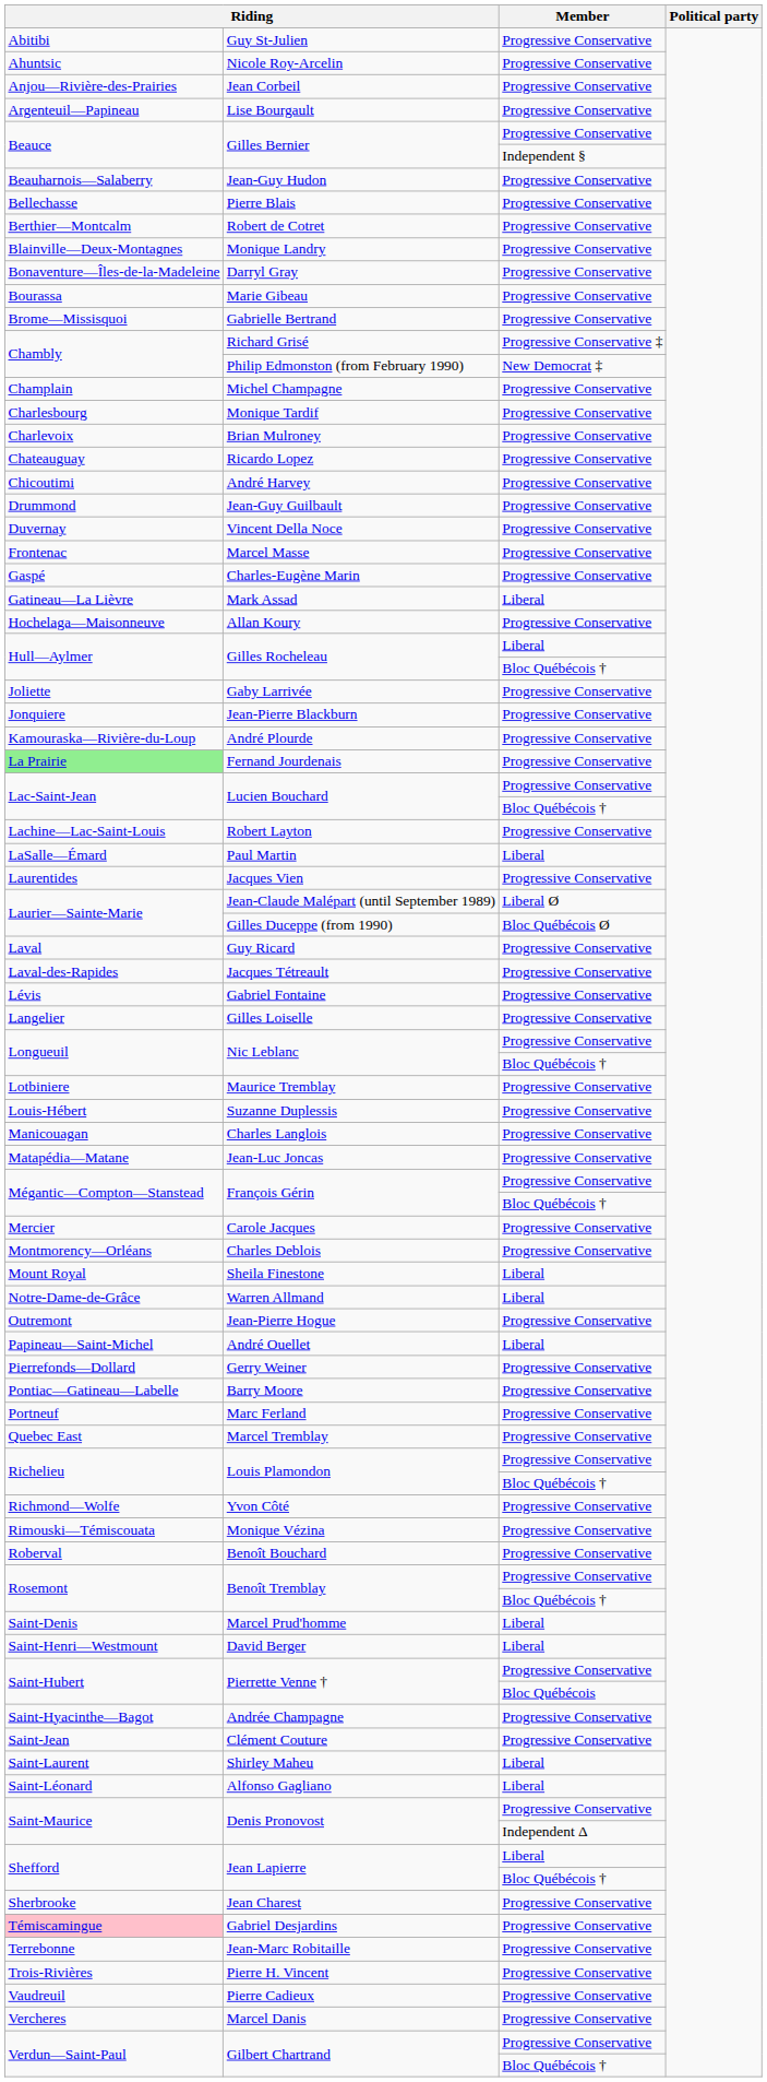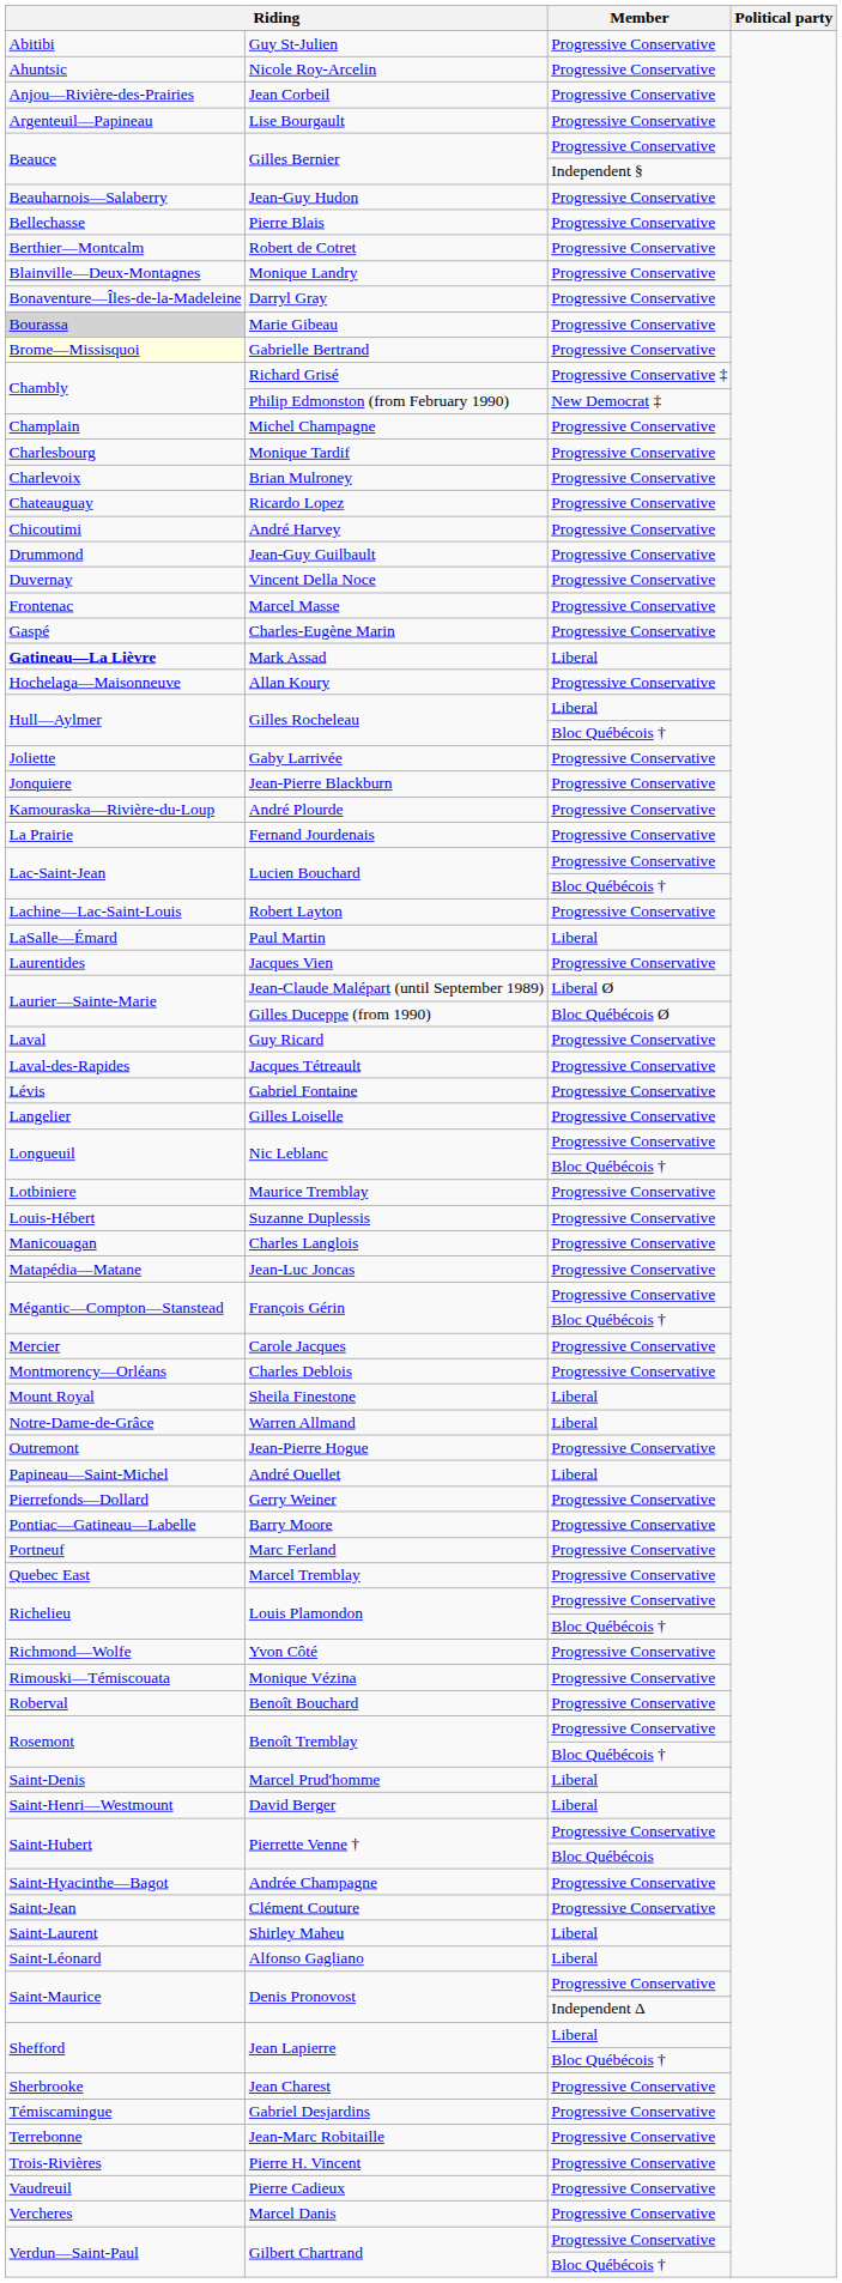 <table class=wikitable>
 <tr>
 <th colspan="2">Riding</th>
 <th>Member</th>
 <th>Political party</th>
 </tr>
 <tr>
 <td><a href='#'>Abitibi</a></td>
 <td><a href='#'>Guy St-Julien</a></td>
 <td><a href='#'>Progressive Conservative</a></td>
 </tr>
 <tr>
 <td><a href='#'>Ahuntsic</a></td>
 <td><a href='#'>Nicole Roy-Arcelin</a></td>
 <td><a href='#'>Progressive Conservative</a></td>
 </tr>
 <tr>
 <td><a href='#'>Anjou—Rivière-des-Prairies</a></td>
 <td><a href='#'>Jean Corbeil</a></td>
 <td><a href='#'>Progressive Conservative</a></td>
 </tr>
 <tr>
 <td><a href='#'>Argenteuil—Papineau</a></td>
 <td><a href='#'>Lise Bourgault</a></td>
 <td><a href='#'>Progressive Conservative</a></td>
 </tr>
 <tr>
 <td rowspan="2"><a href='#'>Beauce</a></td>
 <td rowspan="2"><a href='#'>Gilles Bernier</a></td>
 <td><a href='#'>Progressive Conservative</a></td>
 </tr>
 <tr>
 <td>Independent §</td>
 </tr>
 <tr>
 <td><a href='#'>Beauharnois—Salaberry</a></td>
 <td><a href='#'>Jean-Guy Hudon</a></td>
 <td><a href='#'>Progressive Conservative</a></td>
 </tr>
 <tr>
 <td><a href='#'>Bellechasse</a></td>
 <td><a href='#'>Pierre Blais</a></td>
 <td><a href='#'>Progressive Conservative</a></td>
 </tr>
 <tr>
 <td><a href='#'>Berthier—Montcalm</a></td>
 <td><a href='#'>Robert de Cotret</a></td>
 <td><a href='#'>Progressive Conservative</a></td>
 </tr>
 <tr>
 <td><a href='#'>Blainville—Deux-Montagnes</a></td>
 <td><a href='#'>Monique Landry</a></td>
 <td><a href='#'>Progressive Conservative</a></td>
 </tr>
 <tr>
 <td><a href='#'>Bonaventure—Îles-de-la-Madeleine</a></td>
 <td><a href='#'>Darryl Gray</a></td>
 <td><a href='#'>Progressive Conservative</a></td>
 </tr>
 <tr>
-<td><a href='#'>Bourassa</a></td>
+<td style="background: lightgrey;"><a href='#'>Bourassa</a></td>
 <td><a href='#'>Marie Gibeau</a></td>
 <td><a href='#'>Progressive Conservative</a></td>
 </tr>
 <tr>
-<td><a href='#'>Brome—Missisquoi</a></td>
+<td style="background: lightyellow;"><a href='#'>Brome—Missisquoi</a></td>
 <td><a href='#'>Gabrielle Bertrand</a></td>
 <td><a href='#'>Progressive Conservative</a></td>
 </tr>
 <tr>
 <td rowspan="2"><a href='#'>Chambly</a></td>
 <td><a href='#'>Richard Grisé</a></td>
 <td><a href='#'>Progressive Conservative</a> ‡</td>
 </tr>
 <tr>
 <td><a href='#'>Philip Edmonston</a> (from February 1990)</td>
 <td><a href='#'>New Democrat</a> ‡</td>
 </tr>
 <tr>
 <td><a href='#'>Champlain</a></td>
 <td><a href='#'>Michel Champagne</a></td>
 <td><a href='#'>Progressive Conservative</a></td>
 </tr>
 <tr>
 <td><a href='#'>Charlesbourg</a></td>
 <td><a href='#'>Monique Tardif</a></td>
 <td><a href='#'>Progressive Conservative</a></td>
 </tr>
 <tr>
 <td><a href='#'>Charlevoix</a></td>
 <td><a href='#'>Brian Mulroney</a></td>
 <td><a href='#'>Progressive Conservative</a></td>
 </tr>
 <tr>
 <td><a href='#'>Chateauguay</a></td>
 <td><a href='#'>Ricardo Lopez</a></td>
 <td><a href='#'>Progressive Conservative</a></td>
 </tr>
 <tr>
 <td><a href='#'>Chicoutimi</a></td>
 <td><a href='#'>André Harvey</a></td>
 <td><a href='#'>Progressive Conservative</a></td>
 </tr>
 <tr>
 <td><a href='#'>Drummond</a></td>
 <td><a href='#'>Jean-Guy Guilbault</a></td>
 <td><a href='#'>Progressive Conservative</a></td>
 </tr>
 <tr>
 <td><a href='#'>Duvernay</a></td>
 <td><a href='#'>Vincent Della Noce</a></td>
 <td><a href='#'>Progressive Conservative</a></td>
 </tr>
 <tr>
 <td><a href='#'>Frontenac</a></td>
 <td><a href='#'>Marcel Masse</a></td>
 <td><a href='#'>Progressive Conservative</a></td>
 </tr>
 <tr>
 <td><a href='#'>Gaspé</a></td>
 <td><a href='#'>Charles-Eugène Marin</a></td>
 <td><a href='#'>Progressive Conservative</a></td>
 </tr>
 <tr>
-<td><a href='#'>Gatineau—La Lièvre</a></td>
+<td><strong><a href='#'>Gatineau—La Lièvre</a></strong></td>
 <td><a href='#'>Mark Assad</a></td>
 <td><a href='#'>Liberal</a></td>
 </tr>
 <tr>
 <td><a href='#'>Hochelaga—Maisonneuve</a></td>
 <td><a href='#'>Allan Koury</a></td>
 <td><a href='#'>Progressive Conservative</a></td>
 </tr>
 <tr>
 <td rowspan="2"><a href='#'>Hull—Aylmer</a></td>
 <td rowspan="2"><a href='#'>Gilles Rocheleau</a></td>
 <td><a href='#'>Liberal</a></td>
 </tr>
 <tr>
 <td><a href='#'>Bloc Québécois</a> †</td>
 </tr>
 <tr>
 <td><a href='#'>Joliette</a></td>
 <td><a href='#'>Gaby Larrivée</a></td>
 <td><a href='#'>Progressive Conservative</a></td>
 </tr>
 <tr>
 <td><a href='#'>Jonquiere</a></td>
 <td><a href='#'>Jean-Pierre Blackburn</a></td>
 <td><a href='#'>Progressive Conservative</a></td>
 </tr>
 <tr>
 <td><a href='#'>Kamouraska—Rivière-du-Loup</a></td>
 <td><a href='#'>André Plourde</a></td>
 <td><a href='#'>Progressive Conservative</a></td>
 </tr>
 <tr>
-<td style="background: lightgreen;"><a href='#'>La Prairie</a></td>
+<td><a href='#'>La Prairie</a></td>
 <td><a href='#'>Fernand Jourdenais</a></td>
 <td><a href='#'>Progressive Conservative</a></td>
 </tr>
 <tr>
 <td rowspan="2"><a href='#'>Lac-Saint-Jean</a></td>
 <td rowspan="2"><a href='#'>Lucien Bouchard</a></td>
 <td><a href='#'>Progressive Conservative</a></td>
 </tr>
 <tr>
 <td><a href='#'>Bloc Québécois</a> †</td>
 </tr>
 <tr>
 <td><a href='#'>Lachine—Lac-Saint-Louis</a></td>
 <td><a href='#'>Robert Layton</a></td>
 <td><a href='#'>Progressive Conservative</a></td>
 </tr>
 <tr>
 <td><a href='#'>LaSalle—Émard</a></td>
 <td><a href='#'>Paul Martin</a></td>
 <td><a href='#'>Liberal</a></td>
 </tr>
 <tr>
 <td><a href='#'>Laurentides</a></td>
 <td><a href='#'>Jacques Vien</a></td>
 <td><a href='#'>Progressive Conservative</a></td>
 </tr>
 <tr>
 <td rowspan=2><a href='#'>Laurier—Sainte-Marie</a></td>
 <td><a href='#'>Jean-Claude Malépart</a> (until September 1989)</td>
 <td><a href='#'>Liberal</a> Ø</td>
 </tr>
 <tr>
 <td><a href='#'>Gilles Duceppe</a> (from 1990)</td>
 <td><a href='#'>Bloc Québécois</a> Ø</td>
 </tr>
 <tr>
 <td><a href='#'>Laval</a></td>
 <td><a href='#'>Guy Ricard</a></td>
 <td><a href='#'>Progressive Conservative</a></td>
 </tr>
 <tr>
 <td><a href='#'>Laval-des-Rapides</a></td>
 <td><a href='#'>Jacques Tétreault</a></td>
 <td><a href='#'>Progressive Conservative</a></td>
 </tr>
 <tr>
 <td><a href='#'>Lévis</a></td>
 <td><a href='#'>Gabriel Fontaine</a></td>
 <td><a href='#'>Progressive Conservative</a></td>
 </tr>
 <tr>
 <td><a href='#'>Langelier</a></td>
 <td><a href='#'>Gilles Loiselle</a></td>
 <td><a href='#'>Progressive Conservative</a></td>
 </tr>
 <tr>
 <td rowspan="2"><a href='#'>Longueuil</a></td>
 <td rowspan="2"><a href='#'>Nic Leblanc</a></td>
 <td><a href='#'>Progressive Conservative</a></td>
 </tr>
 <tr>
 <td><a href='#'>Bloc Québécois</a> †</td>
 </tr>
 <tr>
 <td><a href='#'>Lotbiniere</a></td>
 <td><a href='#'>Maurice Tremblay</a></td>
 <td><a href='#'>Progressive Conservative</a></td>
 </tr>
 <tr>
 <td><a href='#'>Louis-Hébert</a></td>
 <td><a href='#'>Suzanne Duplessis</a></td>
 <td><a href='#'>Progressive Conservative</a></td>
 </tr>
 <tr>
 <td><a href='#'>Manicouagan</a></td>
 <td><a href='#'>Charles Langlois</a></td>
 <td><a href='#'>Progressive Conservative</a></td>
 </tr>
 <tr>
 <td><a href='#'>Matapédia—Matane</a></td>
 <td><a href='#'>Jean-Luc Joncas</a></td>
 <td><a href='#'>Progressive Conservative</a></td>
 </tr>
 <tr>
 <td rowspan="2"><a href='#'>Mégantic—Compton—Stanstead</a></td>
 <td rowspan="2"><a href='#'>François Gérin</a></td>
 <td><a href='#'>Progressive Conservative</a></td>
 </tr>
 <tr>
 <td><a href='#'>Bloc Québécois</a> †</td>
 </tr>
 <tr>
 <td><a href='#'>Mercier</a></td>
 <td><a href='#'>Carole Jacques</a></td>
 <td><a href='#'>Progressive Conservative</a></td>
 </tr>
 <tr>
 <td><a href='#'>Montmorency—Orléans</a></td>
 <td><a href='#'>Charles Deblois</a></td>
 <td><a href='#'>Progressive Conservative</a></td>
 </tr>
 <tr>
 <td><a href='#'>Mount Royal</a></td>
 <td><a href='#'>Sheila Finestone</a></td>
 <td><a href='#'>Liberal</a></td>
 </tr>
 <tr>
 <td><a href='#'>Notre-Dame-de-Grâce</a></td>
 <td><a href='#'>Warren Allmand</a></td>
 <td><a href='#'>Liberal</a></td>
 </tr>
 <tr>
 <td><a href='#'>Outremont</a></td>
 <td><a href='#'>Jean-Pierre Hogue</a></td>
 <td><a href='#'>Progressive Conservative</a></td>
 </tr>
 <tr>
 <td><a href='#'>Papineau—Saint-Michel</a></td>
 <td><a href='#'>André Ouellet</a></td>
 <td><a href='#'>Liberal</a></td>
 </tr>
 <tr>
 <td><a href='#'>Pierrefonds—Dollard</a></td>
 <td><a href='#'>Gerry Weiner</a></td>
 <td><a href='#'>Progressive Conservative</a></td>
 </tr>
 <tr>
 <td><a href='#'>Pontiac—Gatineau—Labelle</a></td>
 <td><a href='#'>Barry Moore</a></td>
 <td><a href='#'>Progressive Conservative</a></td>
 </tr>
 <tr>
 <td><a href='#'>Portneuf</a></td>
 <td><a href='#'>Marc Ferland</a></td>
 <td><a href='#'>Progressive Conservative</a></td>
 </tr>
 <tr>
 <td><a href='#'>Quebec East</a></td>
 <td><a href='#'>Marcel Tremblay</a></td>
 <td><a href='#'>Progressive Conservative</a></td>
 </tr>
 <tr>
 <td rowspan="2"><a href='#'>Richelieu</a></td>
 <td rowspan="2"><a href='#'>Louis Plamondon</a></td>
 <td><a href='#'>Progressive Conservative</a></td>
 </tr>
 <tr>
 <td><a href='#'>Bloc Québécois</a> †</td>
 </tr>
 <tr>
 <td><a href='#'>Richmond—Wolfe</a></td>
 <td><a href='#'>Yvon Côté</a></td>
 <td><a href='#'>Progressive Conservative</a></td>
 </tr>
 <tr>
 <td><a href='#'>Rimouski—Témiscouata</a></td>
 <td><a href='#'>Monique Vézina</a></td>
 <td><a href='#'>Progressive Conservative</a></td>
 </tr>
 <tr>
 <td><a href='#'>Roberval</a></td>
 <td><a href='#'>Benoît Bouchard</a></td>
 <td><a href='#'>Progressive Conservative</a></td>
 </tr>
 <tr>
 <td rowspan="2"><a href='#'>Rosemont</a></td>
 <td rowspan="2"><a href='#'>Benoît Tremblay</a></td>
 <td><a href='#'>Progressive Conservative</a></td>
 </tr>
 <tr>
 <td><a href='#'>Bloc Québécois</a> †</td>
 </tr>
 <tr>
 <td><a href='#'>Saint-Denis</a></td>
 <td><a href='#'>Marcel Prud'homme</a></td>
 <td><a href='#'>Liberal</a></td>
 </tr>
 <tr>
 <td><a href='#'>Saint-Henri—Westmount</a></td>
 <td><a href='#'>David Berger</a></td>
 <td><a href='#'>Liberal</a></td>
 </tr>
 <tr>
 <td rowspan="2"><a href='#'>Saint-Hubert</a></td>
 <td rowspan="2"><a href='#'>Pierrette Venne</a> †</td>
 <td><a href='#'>Progressive Conservative</a></td>
 </tr>
 <tr>
 <td><a href='#'>Bloc Québécois</a></td>
 </tr>
 <tr>
 <td><a href='#'>Saint-Hyacinthe—Bagot</a></td>
 <td><a href='#'>Andrée Champagne</a></td>
 <td><a href='#'>Progressive Conservative</a></td>
 </tr>
 <tr>
 <td><a href='#'>Saint-Jean</a></td>
 <td><a href='#'>Clément Couture</a></td>
 <td><a href='#'>Progressive Conservative</a></td>
 </tr>
 <tr>
 <td><a href='#'>Saint-Laurent</a></td>
 <td><a href='#'>Shirley Maheu</a></td>
 <td><a href='#'>Liberal</a></td>
 </tr>
 <tr>
 <td><a href='#'>Saint-Léonard</a></td>
 <td><a href='#'>Alfonso Gagliano</a></td>
 <td><a href='#'>Liberal</a></td>
 </tr>
 <tr>
 <td rowspan="2"><a href='#'>Saint-Maurice</a></td>
 <td rowspan="2"><a href='#'>Denis Pronovost</a></td>
 <td><a href='#'>Progressive Conservative</a></td>
 </tr>
 <tr>
 <td>Independent Δ</td>
 </tr>
 <tr>
 <td rowspan="2"><a href='#'>Shefford</a></td>
 <td rowspan="2"><a href='#'>Jean Lapierre</a></td>
 <td><a href='#'>Liberal</a></td>
 </tr>
 <tr>
 <td><a href='#'>Bloc Québécois</a> †</td>
 </tr>
 <tr>
 <td><a href='#'>Sherbrooke</a></td>
 <td><a href='#'>Jean Charest</a></td>
 <td><a href='#'>Progressive Conservative</a></td>
 </tr>
 <tr>
-<td style="background: pink;"><a href='#'>Témiscamingue</a></td>
+<td><a href='#'>Témiscamingue</a></td>
 <td><a href='#'>Gabriel Desjardins</a></td>
 <td><a href='#'>Progressive Conservative</a></td>
 </tr>
 <tr>
 <td><a href='#'>Terrebonne</a></td>
 <td><a href='#'>Jean-Marc Robitaille</a></td>
 <td><a href='#'>Progressive Conservative</a></td>
 </tr>
 <tr>
 <td><a href='#'>Trois-Rivières</a></td>
 <td><a href='#'>Pierre H. Vincent</a></td>
 <td><a href='#'>Progressive Conservative</a></td>
 </tr>
 <tr>
 <td><a href='#'>Vaudreuil</a></td>
 <td><a href='#'>Pierre Cadieux</a></td>
 <td><a href='#'>Progressive Conservative</a></td>
 </tr>
 <tr>
 <td><a href='#'>Vercheres</a></td>
 <td><a href='#'>Marcel Danis</a></td>
 <td><a href='#'>Progressive Conservative</a></td>
 </tr>
 <tr>
 <td rowspan="2"><a href='#'>Verdun—Saint-Paul</a></td>
 <td rowspan="2"><a href='#'>Gilbert Chartrand</a></td>
 <td><a href='#'>Progressive Conservative</a></td>
 </tr>
 <tr>
 <td><a href='#'>Bloc Québécois</a> †</td>
 </tr>
 </table>
